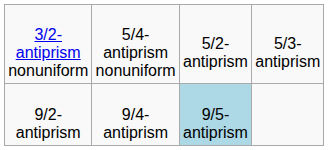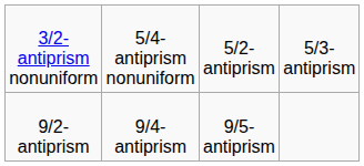 <table class="wikitable floatright" width=320>
 <tr align=center>
 <td><br><a href='#'>3/2-antiprism</a><br>nonuniform</td>
 <td><br>5/4-antiprism<br>nonuniform</td>
 <td><br>5/2-antiprism</td>
 <td><br>5/3-antiprism</td>
 </tr>
 <tr align=center>
 <td><br>9/2-antiprism</td>
 <td><br>9/4-antiprism</td>
-<td style="background: lightblue;"><br>9/5-antiprism</td>
+<td><br>9/5-antiprism</td>
 </tr>
 </table>
